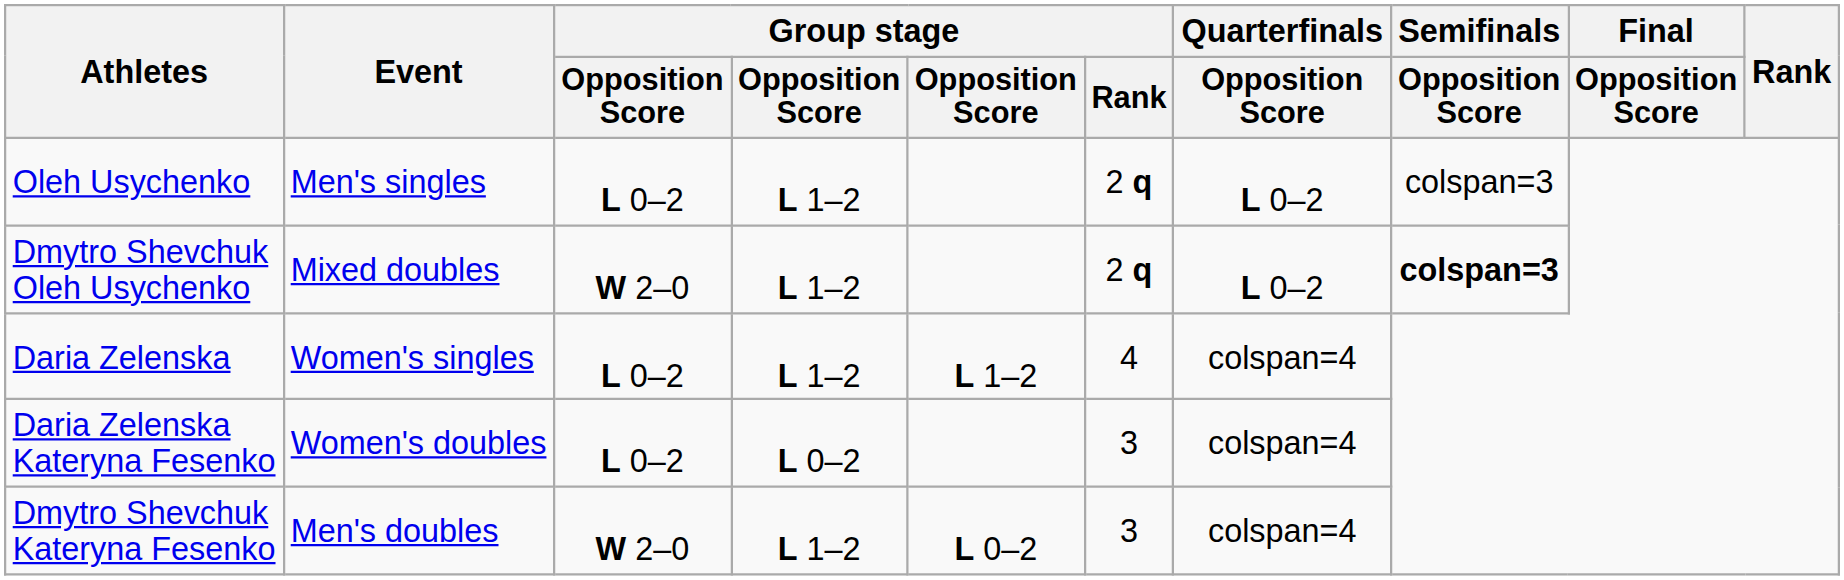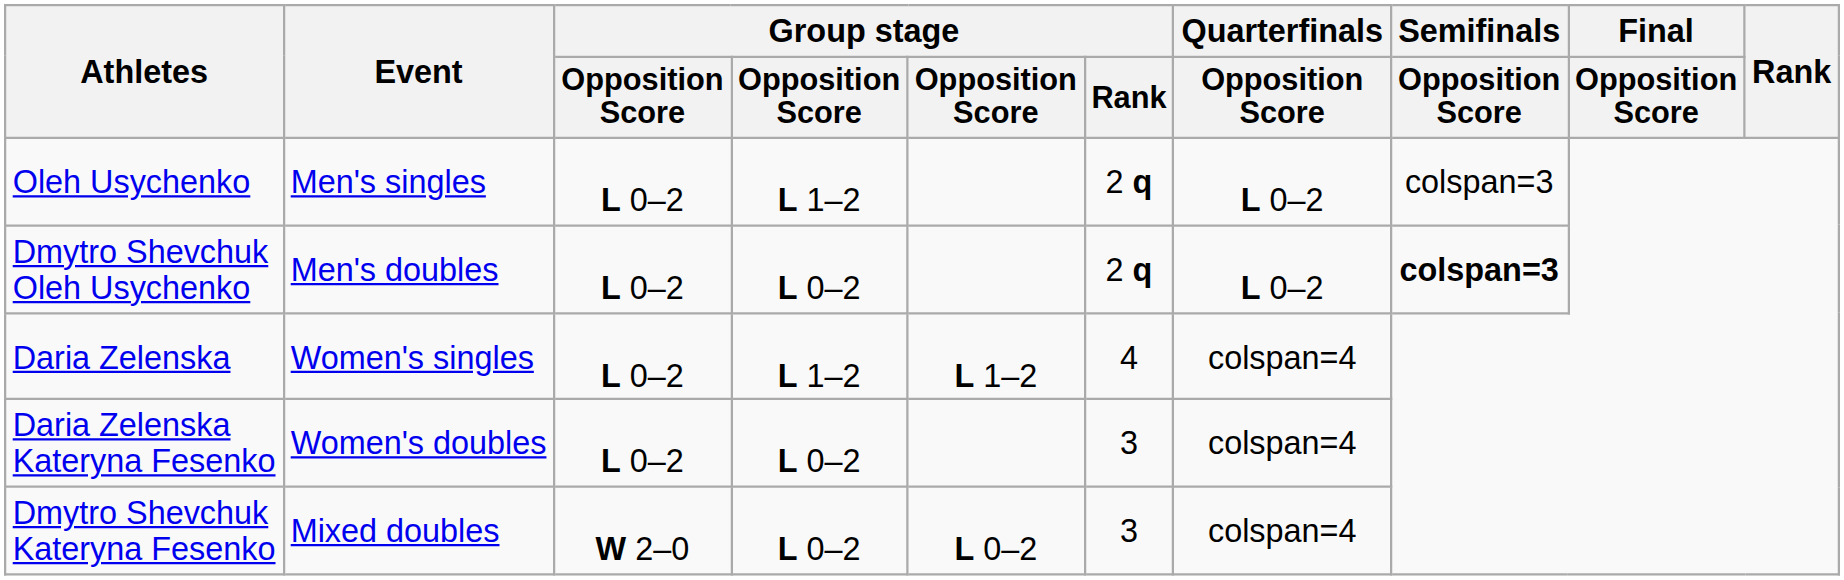 <table class="wikitable" style="font-size:90%">
 <tr>
 <th rowspan="2">Athletes</th>
 <th rowspan="2">Event</th>
 <th colspan="4">Group stage</th>
 <th>Quarterfinals</th>
 <th>Semifinals</th>
 <th>Final</th>
 <th rowspan="2">Rank</th>
 </tr>
 <tr style="font-size:95%">
 <th>Opposition<br>Score</th>
 <th>Opposition<br>Score</th>
 <th>Opposition<br>Score</th>
 <th>Rank</th>
 <th>Opposition<br>Score</th>
 <th>Opposition<br>Score</th>
 <th>Opposition<br>Score</th>
 </tr>
 <tr align="center">
 <td align="left"><a href='#'>Oleh Usychenko</a></td>
 <td align="left"><a href='#'>Men's singles</a></td>
 <td><br><strong>L</strong> 0–2</td>
 <td><br><strong>L</strong> 1–2</td>
 <td></td>
 <td>2 <strong>q</strong></td>
 <td><br><strong>L</strong> 0–2</td>
 <td>colspan=3 </td>
 </tr>
 <tr align="center">
 <td align="left"><a href='#'>Dmytro Shevchuk</a><br><a href='#'>Oleh Usychenko</a></td>
-<td align="left"><a href='#'>Mixed doubles</a></td>
-<td><br><strong>W</strong> 2–0</td>
-<td><br><strong>L</strong> 1–2</td>
+<td align="left"><a href='#'>Men's doubles</a></td>
+<td><br><strong>L</strong> 0–2</td>
+<td><br><strong>L</strong> 0–2</td>
 <td></td>
 <td>2 <strong>q</strong></td>
 <td><br><strong>L</strong> 0–2</td>
 <td><strong>colspan=3 </strong></td>
 </tr>
 <tr align="center">
 <td align="left"><a href='#'>Daria Zelenska</a></td>
 <td align="left"><a href='#'>Women's singles</a></td>
 <td><br><strong>L</strong> 0–2</td>
 <td><br><strong>L</strong> 1–2</td>
 <td><br><strong>L</strong> 1–2</td>
 <td>4</td>
 <td>colspan=4 </td>
 </tr>
 <tr align="center">
 <td align="left"><a href='#'>Daria Zelenska</a><br><a href='#'>Kateryna Fesenko</a></td>
 <td align="left"><a href='#'>Women's doubles</a></td>
 <td><br><strong>L</strong> 0–2</td>
 <td><br><strong>L</strong> 0–2</td>
 <td></td>
 <td>3</td>
 <td>colspan=4 </td>
 </tr>
 <tr align="center">
 <td align="left"><a href='#'>Dmytro Shevchuk</a><br><a href='#'>Kateryna Fesenko</a></td>
-<td align="left"><a href='#'>Men's doubles</a></td>
+<td align="left"><a href='#'>Mixed doubles</a></td>
 <td><br><strong>W</strong> 2–0</td>
-<td><br><strong>L</strong> 1–2</td>
+<td><br><strong>L</strong> 0–2</td>
 <td><br><strong>L</strong> 0–2</td>
 <td>3</td>
 <td>colspan=4 </td>
 </tr>
 </table>
